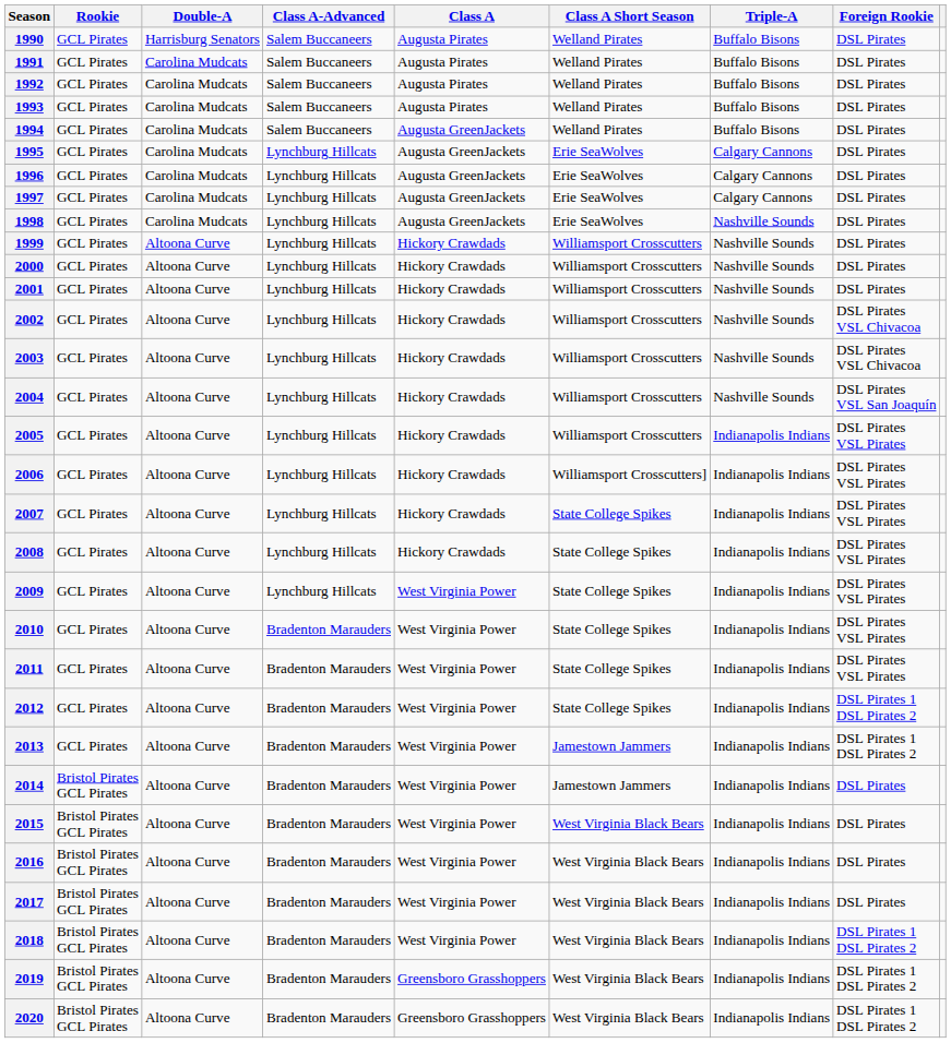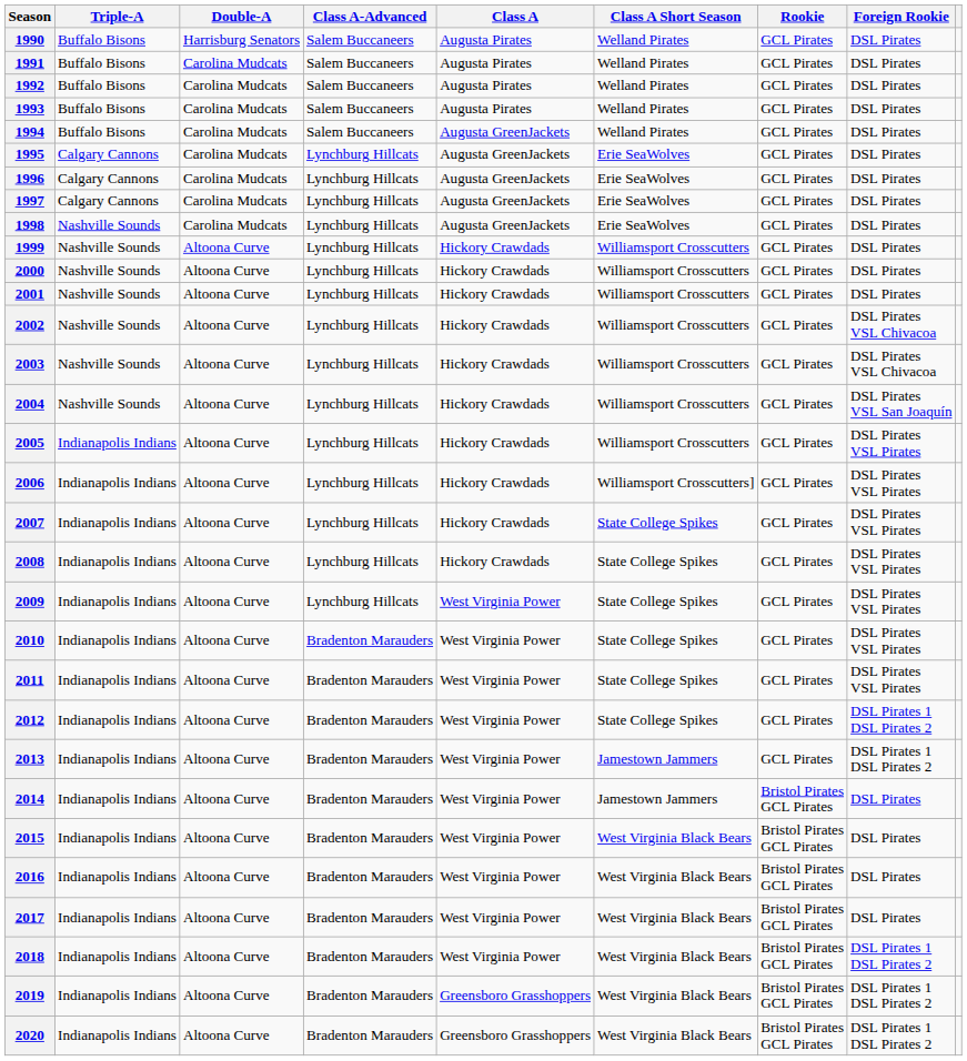 <table class="wikitable plainrowheaders">
 <tr>
 <th scope="col">Season</th>
-<th scope="col"><a href='#'><span>Rookie</span></a></th>
+<th scope="col"><a href='#'><span>Triple-A</span></a></th>
 <th scope="col"><a href='#'><span>Double-A</span></a></th>
 <th scope="col"><a href='#'><span>Class A-Advanced</span></a></th>
 <th scope="col"><a href='#'><span>Class A</span></a></th>
 <th scope="col"><a href='#'><span>Class A Short Season</span></a></th>
-<th scope="col"><a href='#'><span>Triple-A</span></a></th>
+<th scope="col"><a href='#'><span>Rookie</span></a></th>
 <th scope="col"><a href='#'><span>Foreign Rookie</span></a></th>
 <th scope="col"></th>
 </tr>
 <tr>
 <th scope="row" style="text-align:center"><a href='#'>1990</a></th>
-<td><a href='#'>GCL Pirates</a></td>
+<td><a href='#'>Buffalo Bisons</a></td>
 <td><a href='#'>Harrisburg Senators</a></td>
 <td><a href='#'>Salem Buccaneers</a></td>
 <td><a href='#'>Augusta Pirates</a></td>
 <td><a href='#'>Welland Pirates</a></td>
-<td><a href='#'>Buffalo Bisons</a></td>
+<td><a href='#'>GCL Pirates</a></td>
 <td><a href='#'>DSL Pirates</a></td>
 <td align="center"></td>
 </tr>
 <tr>
 <th scope="row" style="text-align:center"><a href='#'>1991</a></th>
-<td>GCL Pirates</td>
+<td>Buffalo Bisons</td>
 <td><a href='#'>Carolina Mudcats</a></td>
 <td>Salem Buccaneers</td>
 <td>Augusta Pirates</td>
 <td>Welland Pirates</td>
-<td>Buffalo Bisons</td>
+<td>GCL Pirates</td>
 <td>DSL Pirates</td>
 <td align="center"></td>
 </tr>
 <tr>
 <th scope="row" style="text-align:center"><a href='#'>1992</a></th>
-<td>GCL Pirates</td>
+<td>Buffalo Bisons</td>
 <td>Carolina Mudcats</td>
 <td>Salem Buccaneers</td>
 <td>Augusta Pirates</td>
 <td>Welland Pirates</td>
-<td>Buffalo Bisons</td>
+<td>GCL Pirates</td>
 <td>DSL Pirates</td>
 <td align="center"></td>
 </tr>
 <tr>
 <th scope="row" style="text-align:center"><a href='#'>1993</a></th>
-<td>GCL Pirates</td>
+<td>Buffalo Bisons</td>
 <td>Carolina Mudcats</td>
 <td>Salem Buccaneers</td>
 <td>Augusta Pirates</td>
 <td>Welland Pirates</td>
-<td>Buffalo Bisons</td>
+<td>GCL Pirates</td>
 <td>DSL Pirates</td>
 <td align="center"></td>
 </tr>
 <tr>
 <th scope="row" style="text-align:center"><a href='#'>1994</a></th>
-<td>GCL Pirates</td>
+<td>Buffalo Bisons</td>
 <td>Carolina Mudcats</td>
 <td>Salem Buccaneers</td>
 <td><a href='#'>Augusta GreenJackets</a></td>
 <td>Welland Pirates</td>
-<td>Buffalo Bisons</td>
+<td>GCL Pirates</td>
 <td>DSL Pirates</td>
 <td align="center"></td>
 </tr>
 <tr>
 <th scope="row" style="text-align:center"><a href='#'>1995</a></th>
-<td>GCL Pirates</td>
+<td><a href='#'>Calgary Cannons</a></td>
 <td>Carolina Mudcats</td>
 <td><a href='#'>Lynchburg Hillcats</a></td>
 <td>Augusta GreenJackets</td>
 <td><a href='#'>Erie SeaWolves</a></td>
-<td><a href='#'>Calgary Cannons</a></td>
+<td>GCL Pirates</td>
 <td>DSL Pirates</td>
 <td align="center"></td>
 </tr>
 <tr>
 <th scope="row" style="text-align:center"><a href='#'>1996</a></th>
-<td>GCL Pirates</td>
+<td>Calgary Cannons</td>
 <td>Carolina Mudcats</td>
 <td>Lynchburg Hillcats</td>
 <td>Augusta GreenJackets</td>
 <td>Erie SeaWolves</td>
-<td>Calgary Cannons</td>
+<td>GCL Pirates</td>
 <td>DSL Pirates</td>
 <td align="center"></td>
 </tr>
 <tr>
 <th scope="row" style="text-align:center"><a href='#'>1997</a></th>
-<td>GCL Pirates</td>
+<td>Calgary Cannons</td>
 <td>Carolina Mudcats</td>
 <td>Lynchburg Hillcats</td>
 <td>Augusta GreenJackets</td>
 <td>Erie SeaWolves</td>
-<td>Calgary Cannons</td>
+<td>GCL Pirates</td>
 <td>DSL Pirates</td>
 <td align="center"></td>
 </tr>
 <tr>
 <th scope="row" style="text-align:center"><a href='#'>1998</a></th>
-<td>GCL Pirates</td>
+<td><a href='#'>Nashville Sounds</a></td>
 <td>Carolina Mudcats</td>
 <td>Lynchburg Hillcats</td>
 <td>Augusta GreenJackets</td>
 <td>Erie SeaWolves</td>
-<td><a href='#'>Nashville Sounds</a></td>
+<td>GCL Pirates</td>
 <td>DSL Pirates</td>
 <td align="center"></td>
 </tr>
 <tr>
 <th scope="row" style="text-align:center"><a href='#'>1999</a></th>
-<td>GCL Pirates</td>
+<td>Nashville Sounds</td>
 <td><a href='#'>Altoona Curve</a></td>
 <td>Lynchburg Hillcats</td>
 <td><a href='#'>Hickory Crawdads</a></td>
 <td><a href='#'>Williamsport Crosscutters</a></td>
-<td>Nashville Sounds</td>
+<td>GCL Pirates</td>
 <td>DSL Pirates</td>
 <td align="center"></td>
 </tr>
 <tr>
 <th scope="row" style="text-align:center"><a href='#'>2000</a></th>
-<td>GCL Pirates</td>
+<td>Nashville Sounds</td>
 <td>Altoona Curve</td>
 <td>Lynchburg Hillcats</td>
 <td>Hickory Crawdads</td>
 <td>Williamsport Crosscutters</td>
-<td>Nashville Sounds</td>
+<td>GCL Pirates</td>
 <td>DSL Pirates</td>
 <td align="center"></td>
 </tr>
 <tr>
 <th scope="row" style="text-align:center"><a href='#'>2001</a></th>
-<td>GCL Pirates</td>
+<td>Nashville Sounds</td>
 <td>Altoona Curve</td>
 <td>Lynchburg Hillcats</td>
 <td>Hickory Crawdads</td>
 <td>Williamsport Crosscutters</td>
-<td>Nashville Sounds</td>
+<td>GCL Pirates</td>
 <td>DSL Pirates</td>
 <td align="center"></td>
 </tr>
 <tr>
 <th scope="row" style="text-align:center"><a href='#'>2002</a></th>
-<td>GCL Pirates</td>
+<td>Nashville Sounds</td>
 <td>Altoona Curve</td>
 <td>Lynchburg Hillcats</td>
 <td>Hickory Crawdads</td>
 <td>Williamsport Crosscutters</td>
-<td>Nashville Sounds</td>
+<td>GCL Pirates</td>
 <td>DSL Pirates<br><a href='#'>VSL Chivacoa</a></td>
 <td align="center"></td>
 </tr>
 <tr>
 <th scope="row" style="text-align:center"><a href='#'>2003</a></th>
-<td>GCL Pirates</td>
+<td>Nashville Sounds</td>
 <td>Altoona Curve</td>
 <td>Lynchburg Hillcats</td>
 <td>Hickory Crawdads</td>
 <td>Williamsport Crosscutters</td>
-<td>Nashville Sounds</td>
+<td>GCL Pirates</td>
 <td>DSL Pirates<br>VSL Chivacoa</td>
 <td align="center"></td>
 </tr>
 <tr>
 <th scope="row" style="text-align:center"><a href='#'>2004</a></th>
-<td>GCL Pirates</td>
+<td>Nashville Sounds</td>
 <td>Altoona Curve</td>
 <td>Lynchburg Hillcats</td>
 <td>Hickory Crawdads</td>
 <td>Williamsport Crosscutters</td>
-<td>Nashville Sounds</td>
+<td>GCL Pirates</td>
 <td>DSL Pirates<br><a href='#'>VSL San Joaquín</a></td>
 <td align="center"></td>
 </tr>
 <tr>
 <th scope="row" style="text-align:center"><a href='#'>2005</a></th>
-<td>GCL Pirates</td>
+<td><a href='#'>Indianapolis Indians</a></td>
 <td>Altoona Curve</td>
 <td>Lynchburg Hillcats</td>
 <td>Hickory Crawdads</td>
 <td>Williamsport Crosscutters</td>
-<td><a href='#'>Indianapolis Indians</a></td>
+<td>GCL Pirates</td>
 <td>DSL Pirates<br><a href='#'>VSL Pirates</a></td>
 <td align="center"></td>
 </tr>
 <tr>
 <th scope="row" style="text-align:center"><a href='#'>2006</a></th>
-<td>GCL Pirates</td>
+<td>Indianapolis Indians</td>
 <td>Altoona Curve</td>
 <td>Lynchburg Hillcats</td>
 <td>Hickory Crawdads</td>
 <td>Williamsport Crosscutters]</td>
-<td>Indianapolis Indians</td>
+<td>GCL Pirates</td>
 <td>DSL Pirates<br>VSL Pirates</td>
 <td align="center"></td>
 </tr>
 <tr>
 <th scope="row" style="text-align:center"><a href='#'>2007</a></th>
-<td>GCL Pirates</td>
+<td>Indianapolis Indians</td>
 <td>Altoona Curve</td>
 <td>Lynchburg Hillcats</td>
 <td>Hickory Crawdads</td>
 <td><a href='#'>State College Spikes</a></td>
-<td>Indianapolis Indians</td>
+<td>GCL Pirates</td>
 <td>DSL Pirates<br>VSL Pirates</td>
 <td align="center"></td>
 </tr>
 <tr>
 <th scope="row" style="text-align:center"><a href='#'>2008</a></th>
-<td>GCL Pirates</td>
+<td>Indianapolis Indians</td>
 <td>Altoona Curve</td>
 <td>Lynchburg Hillcats</td>
 <td>Hickory Crawdads</td>
 <td>State College Spikes</td>
-<td>Indianapolis Indians</td>
+<td>GCL Pirates</td>
 <td>DSL Pirates<br>VSL Pirates</td>
 <td align="center"></td>
 </tr>
 <tr>
 <th scope="row" style="text-align:center"><a href='#'>2009</a></th>
-<td>GCL Pirates</td>
+<td>Indianapolis Indians</td>
 <td>Altoona Curve</td>
 <td>Lynchburg Hillcats</td>
 <td><a href='#'>West Virginia Power</a></td>
 <td>State College Spikes</td>
-<td>Indianapolis Indians</td>
+<td>GCL Pirates</td>
 <td>DSL Pirates<br>VSL Pirates</td>
 <td align="center"></td>
 </tr>
 <tr>
 <th scope="row" style="text-align:center"><a href='#'>2010</a></th>
-<td>GCL Pirates</td>
+<td>Indianapolis Indians</td>
 <td>Altoona Curve</td>
 <td><a href='#'>Bradenton Marauders</a></td>
 <td>West Virginia Power</td>
 <td>State College Spikes</td>
-<td>Indianapolis Indians</td>
+<td>GCL Pirates</td>
 <td>DSL Pirates<br>VSL Pirates</td>
 <td align="center"></td>
 </tr>
 <tr>
 <th scope="row" style="text-align:center"><a href='#'>2011</a></th>
-<td>GCL Pirates</td>
+<td>Indianapolis Indians</td>
 <td>Altoona Curve</td>
 <td>Bradenton Marauders</td>
 <td>West Virginia Power</td>
 <td>State College Spikes</td>
-<td>Indianapolis Indians</td>
+<td>GCL Pirates</td>
 <td>DSL Pirates<br>VSL Pirates</td>
 <td align="center"></td>
 </tr>
 <tr>
 <th scope="row" style="text-align:center"><a href='#'>2012</a></th>
-<td>GCL Pirates</td>
+<td>Indianapolis Indians</td>
 <td>Altoona Curve</td>
 <td>Bradenton Marauders</td>
 <td>West Virginia Power</td>
 <td>State College Spikes</td>
-<td>Indianapolis Indians</td>
+<td>GCL Pirates</td>
 <td><a href='#'>DSL Pirates 1</a><br><a href='#'>DSL Pirates 2</a></td>
 <td align="center"></td>
 </tr>
 <tr>
 <th scope="row" style="text-align:center"><a href='#'>2013</a></th>
-<td>GCL Pirates</td>
+<td>Indianapolis Indians</td>
 <td>Altoona Curve</td>
 <td>Bradenton Marauders</td>
 <td>West Virginia Power</td>
 <td><a href='#'>Jamestown Jammers</a></td>
-<td>Indianapolis Indians</td>
+<td>GCL Pirates</td>
 <td>DSL Pirates 1<br>DSL Pirates 2</td>
 <td align="center"></td>
 </tr>
 <tr>
 <th scope="row" style="text-align:center"><a href='#'>2014</a></th>
-<td><a href='#'>Bristol Pirates</a><br>GCL Pirates</td>
+<td>Indianapolis Indians</td>
 <td>Altoona Curve</td>
 <td>Bradenton Marauders</td>
 <td>West Virginia Power</td>
 <td>Jamestown Jammers</td>
-<td>Indianapolis Indians</td>
+<td><a href='#'>Bristol Pirates</a><br>GCL Pirates</td>
 <td><a href='#'>DSL Pirates</a></td>
 <td align="center"></td>
 </tr>
 <tr>
 <th scope="row" style="text-align:center"><a href='#'>2015</a></th>
-<td>Bristol Pirates<br>GCL Pirates</td>
+<td>Indianapolis Indians</td>
 <td>Altoona Curve</td>
 <td>Bradenton Marauders</td>
 <td>West Virginia Power</td>
 <td><a href='#'>West Virginia Black Bears</a></td>
-<td>Indianapolis Indians</td>
+<td>Bristol Pirates<br>GCL Pirates</td>
 <td>DSL Pirates</td>
 <td align="center"></td>
 </tr>
 <tr>
 <th scope="row" style="text-align:center"><a href='#'>2016</a></th>
-<td>Bristol Pirates<br>GCL Pirates</td>
+<td>Indianapolis Indians</td>
 <td>Altoona Curve</td>
 <td>Bradenton Marauders</td>
 <td>West Virginia Power</td>
 <td>West Virginia Black Bears</td>
-<td>Indianapolis Indians</td>
+<td>Bristol Pirates<br>GCL Pirates</td>
 <td>DSL Pirates</td>
 <td align="center"></td>
 </tr>
 <tr>
 <th scope="row" style="text-align:center"><a href='#'>2017</a></th>
-<td>Bristol Pirates<br>GCL Pirates</td>
+<td>Indianapolis Indians</td>
 <td>Altoona Curve</td>
 <td>Bradenton Marauders</td>
 <td>West Virginia Power</td>
 <td>West Virginia Black Bears</td>
-<td>Indianapolis Indians</td>
+<td>Bristol Pirates<br>GCL Pirates</td>
 <td>DSL Pirates</td>
 <td align="center"></td>
 </tr>
 <tr>
 <th scope="row" style="text-align:center"><a href='#'>2018</a></th>
-<td>Bristol Pirates<br>GCL Pirates</td>
+<td>Indianapolis Indians</td>
 <td>Altoona Curve</td>
 <td>Bradenton Marauders</td>
 <td>West Virginia Power</td>
 <td>West Virginia Black Bears</td>
-<td>Indianapolis Indians</td>
+<td>Bristol Pirates<br>GCL Pirates</td>
 <td><a href='#'>DSL Pirates 1</a><br><a href='#'>DSL Pirates 2</a></td>
 <td align="center"></td>
 </tr>
 <tr>
 <th scope="row" style="text-align:center"><a href='#'>2019</a></th>
-<td>Bristol Pirates<br>GCL Pirates</td>
+<td>Indianapolis Indians</td>
 <td>Altoona Curve</td>
 <td>Bradenton Marauders</td>
 <td><a href='#'>Greensboro Grasshoppers</a></td>
 <td>West Virginia Black Bears</td>
-<td>Indianapolis Indians</td>
+<td>Bristol Pirates<br>GCL Pirates</td>
 <td>DSL Pirates 1<br>DSL Pirates 2</td>
 <td align="center"></td>
 </tr>
 <tr>
 <th scope="row" style="text-align:center"><a href='#'>2020</a></th>
-<td>Bristol Pirates<br>GCL Pirates</td>
+<td>Indianapolis Indians</td>
 <td>Altoona Curve</td>
 <td>Bradenton Marauders</td>
 <td>Greensboro Grasshoppers</td>
 <td>West Virginia Black Bears</td>
-<td>Indianapolis Indians</td>
+<td>Bristol Pirates<br>GCL Pirates</td>
 <td>DSL Pirates 1<br>DSL Pirates 2</td>
 <td align="center"></td>
 </tr>
 </table>
